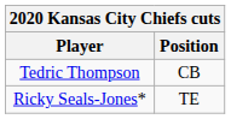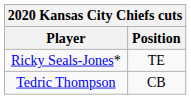 <table class="wikitable" style="text-align:center">
 <tr>
 <th colspan=2>2020 Kansas City Chiefs cuts</th>
 </tr>
 <tr>
 <th>Player</th>
 <th>Position</th>
 </tr>
 <tr>
+<td><a href='#'>Ricky Seals-Jones</a>*</td>
+<td>TE</td>
+</tr>
+<tr>
 <td><a href='#'>Tedric Thompson</a></td>
 <td>CB</td>
 </tr>
-<tr>
-<td><a href='#'>Ricky Seals-Jones</a>*</td>
-<td>TE</td>
-</tr>
 </table>
